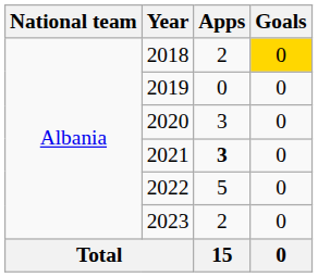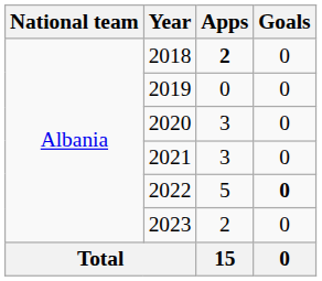 <table class="wikitable" style="text-align:center">
 <tr>
 <th>National team</th>
 <th>Year</th>
 <th>Apps</th>
 <th>Goals</th>
 </tr>
 <tr>
 <td rowspan="6"><a href='#'>Albania</a></td>
 <td>2018</td>
-<td>2</td>
-<td style="background: gold;">0</td>
+<td><strong>2</strong></td>
+<td>0</td>
 </tr>
 <tr>
 <td>2019</td>
 <td>0</td>
 <td>0</td>
 </tr>
 <tr>
 <td>2020</td>
 <td>3</td>
 <td>0</td>
 </tr>
 <tr>
 <td>2021</td>
-<td><strong>3</strong></td>
+<td>3</td>
 <td>0</td>
 </tr>
 <tr>
 <td>2022</td>
 <td>5</td>
-<td>0</td>
+<td><strong>0</strong></td>
 </tr>
 <tr>
 <td>2023</td>
 <td>2</td>
 <td>0</td>
 </tr>
 <tr>
 <th colspan="2">Total</th>
 <th>15</th>
 <th>0</th>
 </tr>
 </table>
